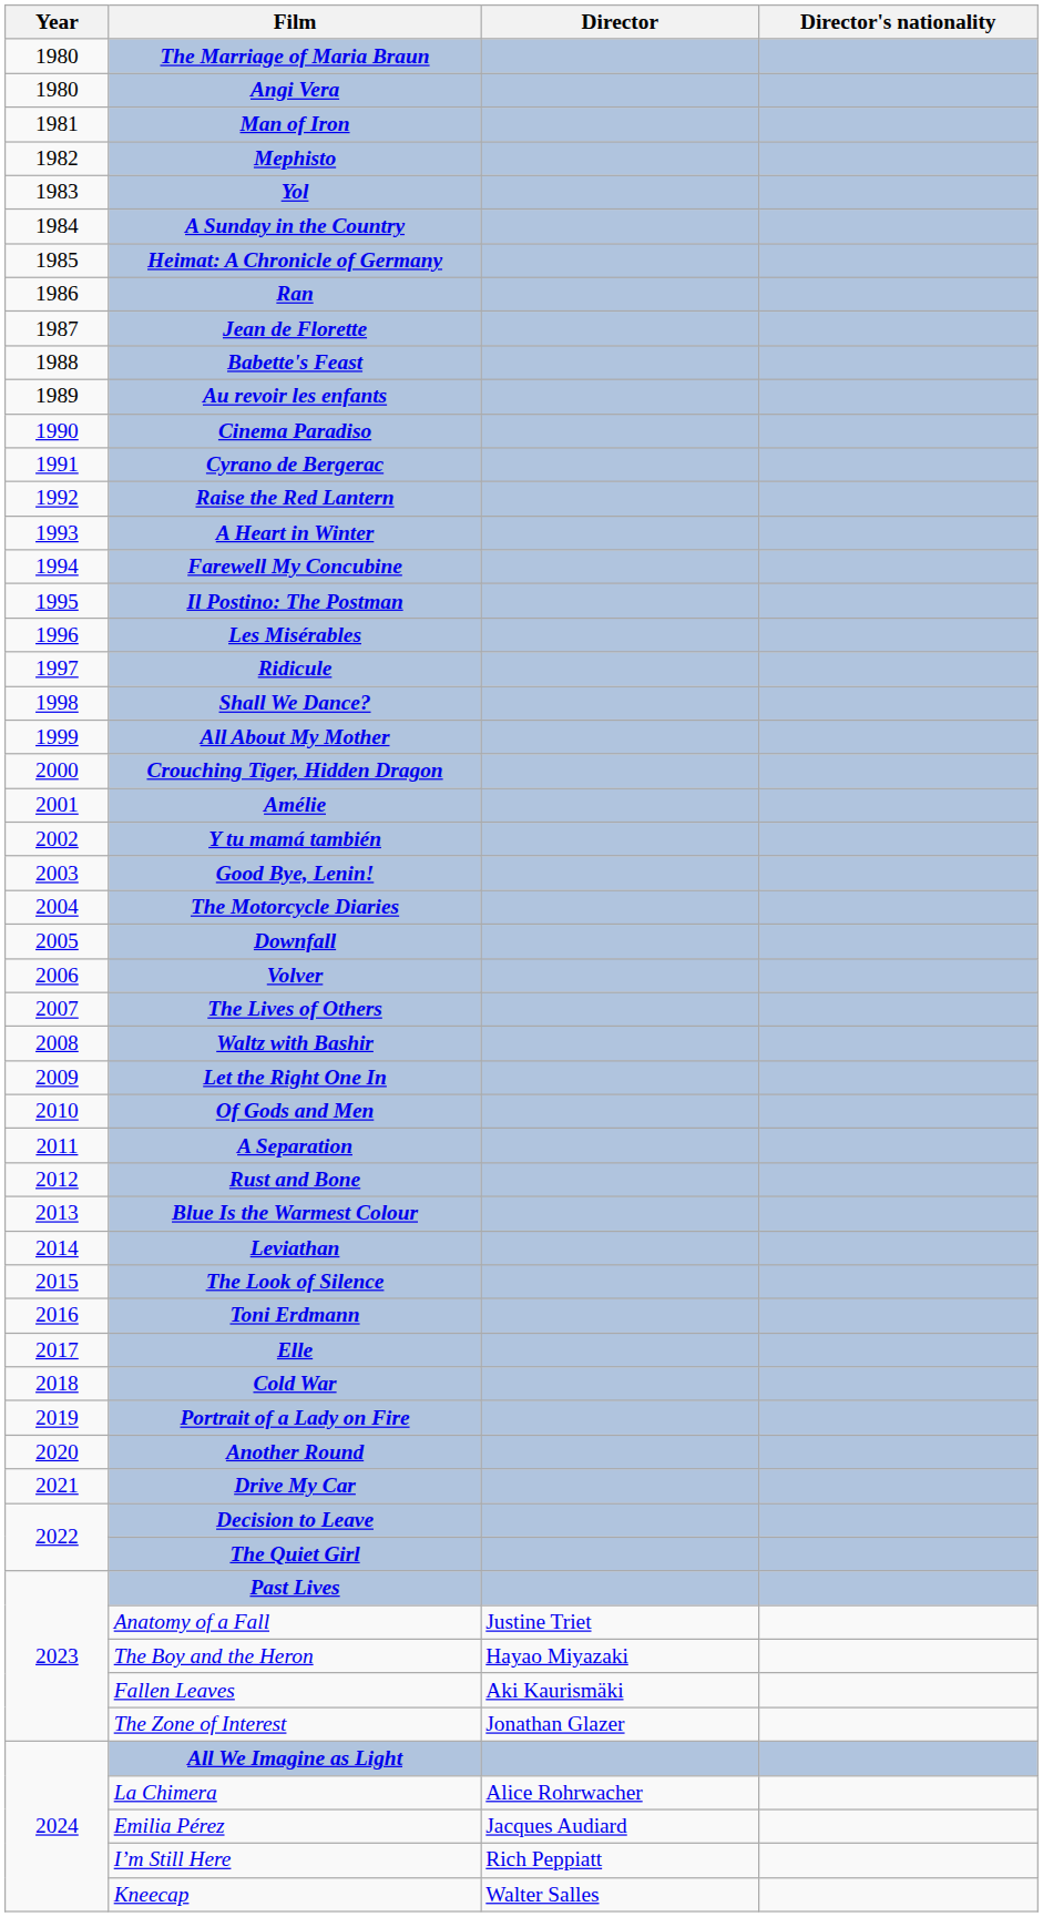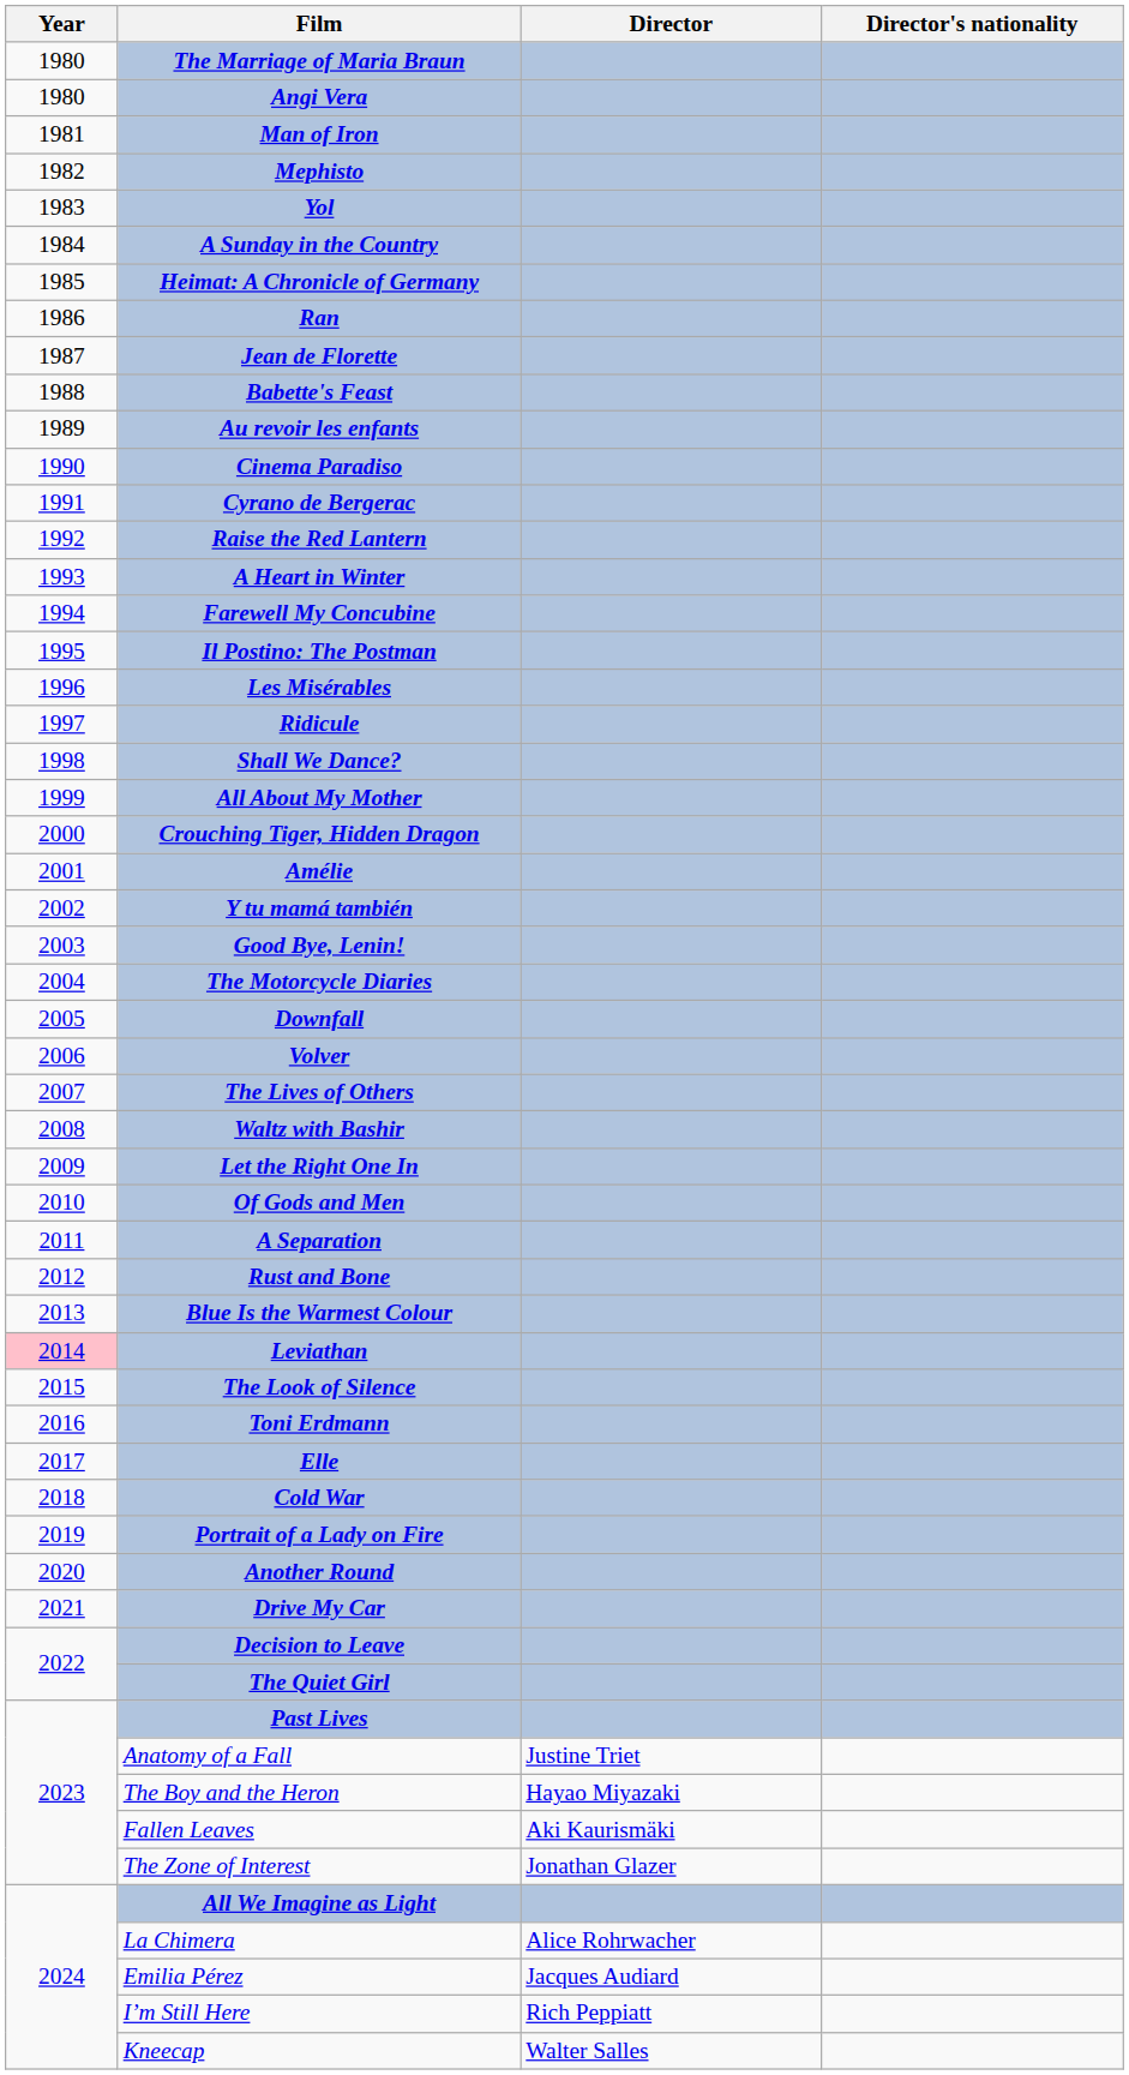 <table class="sortable wikitable plainrowheaders">
 <tr>
 <th scope="col" width=70>Year</th>
 <th scope="col" width=270>Film</th>
 <th scope="col" width=200>Director</th>
 <th scope="col" width=200>Director's nationality</th>
 </tr>
 <tr>
 <td align=center>1980</td>
 <th scope=row style="background:#B0C4DE;"><em><a href='#'>The Marriage of Maria Braun</a></em></th>
 <td style="background:#B0C4DE;"></td>
 <td style="background:#B0C4DE;"></td>
 </tr>
 <tr>
 <td align=center>1980</td>
 <th scope=row style="background:#B0C4DE;"><em><a href='#'>Angi Vera</a></em></th>
 <td style="background:#B0C4DE;"></td>
 <td style="background:#B0C4DE;"></td>
 </tr>
 <tr>
 <td align=center>1981</td>
 <th scope=row style="background:#B0C4DE;"><em><a href='#'>Man of Iron</a></em></th>
 <td style="background:#B0C4DE;"></td>
 <td style="background:#B0C4DE;"></td>
 </tr>
 <tr>
 <td align=center>1982</td>
 <th scope=row style="background:#B0C4DE;"><em><a href='#'>Mephisto</a></em></th>
 <td style="background:#B0C4DE;"></td>
 <td style="background:#B0C4DE;"></td>
 </tr>
 <tr>
 <td align=center>1983</td>
 <th scope=row style="background:#B0C4DE;"><em><a href='#'>Yol</a></em></th>
 <td style="background:#B0C4DE;"></td>
 <td style="background:#B0C4DE;"></td>
 </tr>
 <tr>
 <td align=center>1984</td>
 <th scope=row style="background:#B0C4DE;"><em><a href='#'>A Sunday in the Country</a></em></th>
 <td style="background:#B0C4DE;"></td>
 <td style="background:#B0C4DE;"></td>
 </tr>
 <tr>
 <td align=center>1985</td>
 <th scope=row style="background:#B0C4DE;"><em><a href='#'>Heimat: A Chronicle of Germany</a></em></th>
 <td style="background:#B0C4DE;"></td>
 <td style="background:#B0C4DE;"></td>
 </tr>
 <tr>
 <td align=center>1986</td>
 <th scope=row style="background:#B0C4DE;"><em><a href='#'>Ran</a></em></th>
 <td style="background:#B0C4DE;"></td>
 <td style="background:#B0C4DE;"></td>
 </tr>
 <tr>
 <td align=center>1987</td>
 <th scope=row style="background:#B0C4DE;"><em><a href='#'>Jean de Florette</a></em></th>
 <td style="background:#B0C4DE;"></td>
 <td style="background:#B0C4DE;"></td>
 </tr>
 <tr>
 <td align=center>1988</td>
 <th scope=row style="background:#B0C4DE;"><em><a href='#'>Babette's Feast</a></em></th>
 <td style="background:#B0C4DE;"></td>
 <td style="background:#B0C4DE;"></td>
 </tr>
 <tr>
 <td align=center>1989</td>
 <th scope=row style="background:#B0C4DE;"><em><a href='#'>Au revoir les enfants</a></em></th>
 <td style="background:#B0C4DE;"></td>
 <td style="background:#B0C4DE;"></td>
 </tr>
 <tr>
 <td align=center><a href='#'>1990</a></td>
 <th scope=row style="background:#B0C4DE;"><em><a href='#'>Cinema Paradiso</a></em></th>
 <td style="background:#B0C4DE;"></td>
 <td style="background:#B0C4DE;"></td>
 </tr>
 <tr>
 <td align=center><a href='#'>1991</a></td>
 <th scope=row style="background:#B0C4DE;"><em><a href='#'>Cyrano de Bergerac</a></em></th>
 <td style="background:#B0C4DE;"></td>
 <td style="background:#B0C4DE;"></td>
 </tr>
 <tr>
 <td align=center><a href='#'>1992</a></td>
 <th scope=row style="background:#B0C4DE;"><em><a href='#'>Raise the Red Lantern</a></em></th>
 <td style="background:#B0C4DE;"></td>
 <td style="background:#B0C4DE;"></td>
 </tr>
 <tr>
 <td align=center><a href='#'>1993</a></td>
 <th scope=row style="background:#B0C4DE;"><em><a href='#'>A Heart in Winter</a></em></th>
 <td style="background:#B0C4DE;"></td>
 <td style="background:#B0C4DE;"></td>
 </tr>
 <tr>
 <td align=center><a href='#'>1994</a></td>
 <th scope=row style="background:#B0C4DE;"><em><a href='#'>Farewell My Concubine</a></em></th>
 <td style="background:#B0C4DE;"></td>
 <td style="background:#B0C4DE;"></td>
 </tr>
 <tr>
 <td align=center><a href='#'>1995</a></td>
 <th scope=row style="background:#B0C4DE;"><em><a href='#'>Il Postino: The Postman</a></em></th>
 <td style="background:#B0C4DE;"></td>
 <td style="background:#B0C4DE;"></td>
 </tr>
 <tr>
 <td align=center><a href='#'>1996</a></td>
 <th scope=row style="background:#B0C4DE;"><em><a href='#'>Les Misérables</a></em></th>
 <td style="background:#B0C4DE;"></td>
 <td style="background:#B0C4DE;"></td>
 </tr>
 <tr>
 <td align=center><a href='#'>1997</a></td>
 <th scope=row style="background:#B0C4DE;"><em><a href='#'>Ridicule</a></em></th>
 <td style="background:#B0C4DE;"></td>
 <td style="background:#B0C4DE;"></td>
 </tr>
 <tr>
 <td align=center><a href='#'>1998</a></td>
 <th scope=row style="background:#B0C4DE;"><em><a href='#'>Shall We Dance?</a></em></th>
 <td style="background:#B0C4DE;"></td>
 <td style="background:#B0C4DE;"></td>
 </tr>
 <tr>
 <td align=center><a href='#'>1999</a></td>
 <th scope=row style="background:#B0C4DE;"><em><a href='#'>All About My Mother</a></em></th>
 <td style="background:#B0C4DE;"></td>
 <td style="background:#B0C4DE;"></td>
 </tr>
 <tr>
 <td align=center><a href='#'>2000</a></td>
 <th scope=row style="background:#B0C4DE;"><em><a href='#'>Crouching Tiger, Hidden Dragon</a></em></th>
 <td style="background:#B0C4DE;"></td>
 <td style="background:#B0C4DE;"></td>
 </tr>
 <tr>
 <td align=center><a href='#'>2001</a></td>
 <th scope=row style="background:#B0C4DE;"><em><a href='#'>Amélie</a></em></th>
 <td style="background:#B0C4DE;"></td>
 <td style="background:#B0C4DE;"></td>
 </tr>
 <tr>
 <td align=center><a href='#'>2002</a></td>
 <th scope=row style="background:#B0C4DE;"><em><a href='#'>Y tu mamá también</a></em></th>
 <td style="background:#B0C4DE;"></td>
 <td style="background:#B0C4DE;"></td>
 </tr>
 <tr>
 <td align=center><a href='#'>2003</a></td>
 <th scope=row style="background:#B0C4DE;"><em><a href='#'>Good Bye, Lenin!</a></em></th>
 <td style="background:#B0C4DE;"></td>
 <td style="background:#B0C4DE;"></td>
 </tr>
 <tr>
 <td align=center><a href='#'>2004</a></td>
 <th scope=row style="background:#B0C4DE;"><em><a href='#'>The Motorcycle Diaries</a></em></th>
 <td style="background:#B0C4DE;"></td>
 <td style="background:#B0C4DE;"></td>
 </tr>
 <tr>
 <td align=center><a href='#'>2005</a></td>
 <th scope=row style="background:#B0C4DE;"><em><a href='#'>Downfall</a></em></th>
 <td style="background:#B0C4DE;"></td>
 <td style="background:#B0C4DE;"></td>
 </tr>
 <tr>
 <td align=center><a href='#'>2006</a></td>
 <th scope=row style="background:#B0C4DE;"><em><a href='#'>Volver</a></em></th>
 <td style="background:#B0C4DE;"> </td>
 <td style="background:#B0C4DE;"></td>
 </tr>
 <tr>
 <td align=center><a href='#'>2007</a></td>
 <th scope=row style="background:#B0C4DE;"><em><a href='#'>The Lives of Others</a></em></th>
 <td style="background:#B0C4DE;"></td>
 <td style="background:#B0C4DE;"></td>
 </tr>
 <tr>
 <td align=center><a href='#'>2008</a></td>
 <th scope=row style="background:#B0C4DE;"><em><a href='#'>Waltz with Bashir</a></em></th>
 <td style="background:#B0C4DE;"></td>
 <td style="background:#B0C4DE;"></td>
 </tr>
 <tr>
 <td align=center><a href='#'>2009</a></td>
 <th scope=row style="background:#B0C4DE;"><em><a href='#'>Let the Right One In</a></em></th>
 <td style="background:#B0C4DE;"></td>
 <td style="background:#B0C4DE;"></td>
 </tr>
 <tr>
 <td align=center><a href='#'>2010</a></td>
 <th scope=row style="background:#B0C4DE;"><em><a href='#'>Of Gods and Men</a></em></th>
 <td style="background:#B0C4DE;"></td>
 <td style="background:#B0C4DE;"></td>
 </tr>
 <tr>
 <td align=center><a href='#'>2011</a></td>
 <th scope=row style="background:#B0C4DE;"><em><a href='#'>A Separation</a></em></th>
 <td style="background:#B0C4DE;"></td>
 <td style="background:#B0C4DE;"></td>
 </tr>
 <tr>
 <td align=center><a href='#'>2012</a></td>
 <th scope=row style="background:#B0C4DE;"><em><a href='#'>Rust and Bone</a></em></th>
 <td style="background:#B0C4DE;"></td>
 <td style="background:#B0C4DE;"></td>
 </tr>
 <tr>
 <td align=center><a href='#'>2013</a></td>
 <th scope=row style="background:#B0C4DE;"><em><a href='#'>Blue Is the Warmest Colour</a></em></th>
 <td style="background:#B0C4DE;"></td>
 <td style="background:#B0C4DE;"></td>
 </tr>
 <tr>
-<td align=center><a href='#'>2014</a></td>
+<td align=center style="background: pink;"><a href='#'>2014</a></td>
 <th scope=row style="background:#B0C4DE;"><em><a href='#'>Leviathan</a></em></th>
 <td style="background:#B0C4DE;"></td>
 <td style="background:#B0C4DE;"></td>
 </tr>
 <tr>
 <td align=center><a href='#'>2015</a></td>
 <th scope=row style="background:#B0C4DE;"><em><a href='#'>The Look of Silence</a></em></th>
 <td style="background:#B0C4DE;"></td>
 <td style="background:#B0C4DE;"></td>
 </tr>
 <tr>
 <td align=center><a href='#'>2016</a></td>
 <th scope=row style="background:#B0C4DE;"><em><a href='#'>Toni Erdmann</a></em></th>
 <td style="background:#B0C4DE;"></td>
 <td style="background:#B0C4DE;"></td>
 </tr>
 <tr>
 <td align=center><a href='#'>2017</a></td>
 <th scope=row style="background:#B0C4DE;"><em><a href='#'>Elle</a></em></th>
 <td style="background:#B0C4DE;"></td>
 <td style="background:#B0C4DE;"></td>
 </tr>
 <tr>
 <td align=center><a href='#'>2018</a></td>
 <th scope=row style="background:#B0C4DE;"><em><a href='#'>Cold War</a></em></th>
 <td style="background:#B0C4DE;"></td>
 <td style="background:#B0C4DE;"></td>
 </tr>
 <tr>
 <td align=center><a href='#'>2019</a></td>
 <th scope=row style="background:#B0C4DE;"><em><a href='#'>Portrait of a Lady on Fire</a></em></th>
 <td style="background:#B0C4DE;"></td>
 <td style="background:#B0C4DE;"></td>
 </tr>
 <tr>
 <td align=center><a href='#'>2020</a></td>
 <th scope=row style="background:#B0C4DE;"><em><a href='#'>Another Round</a></em></th>
 <td style="background:#B0C4DE;"></td>
 <td style="background:#B0C4DE;"></td>
 </tr>
 <tr>
 <td align=center><a href='#'>2021</a></td>
 <th scope=row style="background:#B0C4DE;"><em><a href='#'>Drive My Car</a></em></th>
 <td style="background:#B0C4DE;"></td>
 <td style="background:#B0C4DE;"></td>
 </tr>
 <tr>
 <td rowspan="2" align="center"><a href='#'>2022</a></td>
 <th scope=row style="background:#B0C4DE;"><em><a href='#'>Decision to Leave</a></em></th>
 <td style="background:#B0C4DE;"></td>
 <td style="background:#B0C4DE;"></td>
 </tr>
 <tr>
 <th scope=row style="background:#B0C4DE;"><em><a href='#'>The Quiet Girl</a></em></th>
 <td style="background:#B0C4DE;"></td>
 <td style="background:#B0C4DE;"></td>
 </tr>
 <tr>
 <td rowspan="5" align=center><a href='#'>2023</a></td>
 <th scope=row style="background:#B0C4DE;"><em><a href='#'><strong>Past Lives</strong></a></em></th>
 <td style="background:#B0C4DE;"></td>
 <td style="background:#B0C4DE;"> </td>
 </tr>
 <tr>
 <td><em><a href='#'>Anatomy of a Fall</a></em></td>
 <td><a href='#'>Justine Triet</a></td>
 <td></td>
 </tr>
 <tr>
 <td><em><a href='#'>The Boy and the Heron</a></em></td>
 <td><a href='#'>Hayao Miyazaki</a></td>
 <td></td>
 </tr>
 <tr>
 <td><em><a href='#'>Fallen Leaves</a></em></td>
 <td><a href='#'>Aki Kaurismäki</a></td>
 <td></td>
 </tr>
 <tr>
 <td><em><a href='#'>The Zone of Interest</a></em></td>
 <td><a href='#'>Jonathan Glazer</a></td>
 <td></td>
 </tr>
 <tr>
 <td rowspan="5" align=center><a href='#'>2024</a></td>
 <th scope=row style="background:#B0C4DE;"><em><a href='#'><strong>All We Imagine as Light</strong></a></em></th>
 <td style="background:#B0C4DE;"></td>
 <td style="background:#B0C4DE;"></td>
 </tr>
 <tr>
 <td><em><a href='#'>La Chimera</a></em></td>
 <td><a href='#'>Alice Rohrwacher</a></td>
 <td></td>
 </tr>
 <tr>
 <td><em><a href='#'>Emilia Pérez</a></em></td>
 <td><a href='#'>Jacques Audiard</a></td>
 <td></td>
 </tr>
 <tr>
 <td><em><a href='#'>I’m Still Here</a></em></td>
 <td><a href='#'>Rich Peppiatt</a></td>
 <td></td>
 </tr>
 <tr>
 <td><em><a href='#'>Kneecap</a></em></td>
 <td><a href='#'>Walter Salles</a></td>
 <td> </td>
 </tr>
 </table>
